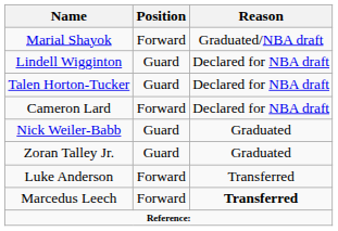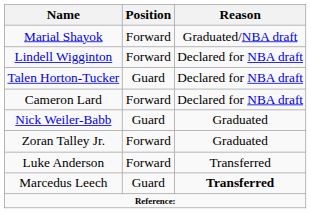 <table class="wikitable" style="text-align: center">
 <tr align=center>
 <th>Name</th>
 <th>Position</th>
 <th>Reason</th>
 </tr>
 <tr>
 <td><a href='#'>Marial Shayok</a></td>
 <td>Forward</td>
 <td>Graduated/<a href='#'>NBA draft</a></td>
 </tr>
 <tr>
 <td><a href='#'>Lindell Wigginton</a></td>
-<td>Guard</td>
+<td>Forward</td>
 <td>Declared for <a href='#'>NBA draft</a></td>
 </tr>
 <tr>
 <td><a href='#'>Talen Horton-Tucker</a></td>
 <td>Guard</td>
 <td>Declared for <a href='#'>NBA draft</a></td>
 </tr>
 <tr>
 <td>Cameron Lard</td>
 <td>Forward</td>
 <td>Declared for <a href='#'>NBA draft</a></td>
 </tr>
 <tr>
 <td><a href='#'>Nick Weiler-Babb</a></td>
 <td>Guard</td>
 <td>Graduated</td>
 </tr>
 <tr>
 <td>Zoran Talley Jr.</td>
-<td>Guard</td>
+<td>Forward</td>
 <td>Graduated</td>
 </tr>
 <tr>
 <td>Luke Anderson</td>
 <td>Forward</td>
 <td>Transferred</td>
 </tr>
 <tr>
 <td>Marcedus Leech</td>
-<td>Forward</td>
+<td>Guard</td>
 <td><strong>Transferred</strong></td>
 </tr>
 <tr>
 <td colspan="6"  style="font-size:8pt; text-align:center;"><strong>Reference:</strong></td>
 </tr>
 </table>
